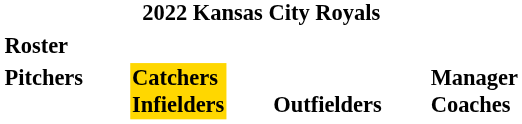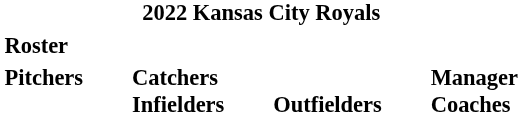 <table class="toccolours" style="font-size: 95%;">
 <tr>
 <th colspan="10">2022 Kansas City Royals</th>
 </tr>
 <tr>
 <td colspan="10"><strong>Roster</strong></td>
 </tr>
 <tr>
 <td valign="top"><strong>Pitchers</strong><br>                            </td>
 <td width="25px"></td>
-<td valign="top" style="background: gold;"><strong>Catchers</strong><br>     <strong>Infielders</strong>           </td>
+<td valign="top"><strong>Catchers</strong><br>     <strong>Infielders</strong>           </td>
 <td width="25px"></td>
 <td valign="top"><br><strong>Outfielders</strong>          </td>
 <td width="25px"></td>
 <td valign="top"><strong>Manager</strong><br> <strong>Coaches</strong>                          </td>
 </tr>
 </table>
